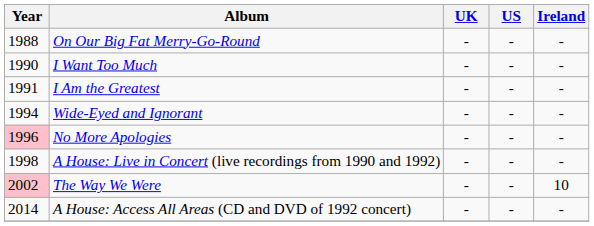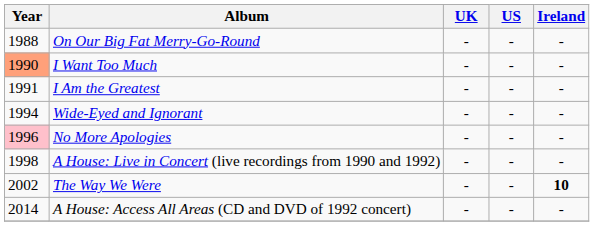 <table class="wikitable">
 <tr>
 <th align="left" valign="top" width="40">Year</th>
 <th align="left" valign="top">Album</th>
 <th align="center" valign="top" width="40"><a href='#'>UK</a></th>
 <th align="center" valign="top" width="40"><a href='#'>US</a></th>
 <th align="center" valign="top" width="40"><a href='#'>Ireland</a></th>
 </tr>
 <tr>
 <td align="left" valign="top">1988</td>
 <td align="left" valign="top"><em><a href='#'>On Our Big Fat Merry-Go-Round</a></em></td>
 <td align="center" valign="top">-</td>
 <td align="center" valign="top">-</td>
 <td align="center" valign="top">-</td>
 </tr>
 <tr>
-<td align="left" valign="top">1990</td>
+<td align="left" valign="top" style="background: lightsalmon;">1990</td>
 <td align="left" valign="top"><em><a href='#'>I Want Too Much</a></em></td>
 <td align="center" valign="top">-</td>
 <td align="center" valign="top">-</td>
 <td align="center" valign="top">-</td>
 </tr>
 <tr>
 <td align="left" valign="top">1991</td>
 <td align="left" valign="top"><em><a href='#'>I Am the Greatest</a></em></td>
 <td align="center" valign="top">-</td>
 <td align="center" valign="top">-</td>
 <td align="center" valign="top">-</td>
 </tr>
 <tr>
 <td align="left" valign="top">1994</td>
 <td align="left" valign="top"><em><a href='#'>Wide-Eyed and Ignorant</a></em></td>
 <td align="center" valign="top">-</td>
 <td align="center" valign="top">-</td>
 <td align="center" valign="top">-</td>
 </tr>
 <tr>
 <td align="left" valign="top" style="background: pink;">1996</td>
 <td align="left" valign="top"><em><a href='#'>No More Apologies</a></em></td>
 <td align="center" valign="top">-</td>
 <td align="center" valign="top">-</td>
 <td align="center" valign="top">-</td>
 </tr>
 <tr>
 <td align="left" valign="top">1998</td>
 <td align="left" valign="top"><em><a href='#'>A House: Live in Concert</a></em> (live recordings from 1990 and 1992)</td>
 <td align="center" valign="top">-</td>
 <td align="center" valign="top">-</td>
 <td align="center" valign="top">-</td>
 </tr>
 <tr>
-<td align="left" valign="top" style="background: pink;">2002</td>
+<td align="left" valign="top">2002</td>
 <td align="left" valign="top"><em><a href='#'>The Way We Were</a></em></td>
 <td align="center" valign="top">-</td>
 <td align="center" valign="top">-</td>
-<td align="center" valign="top">10</td>
+<td align="center" valign="top"><strong>10</strong></td>
 </tr>
 <tr>
 <td align="left" valign="top">2014</td>
 <td align="left" valign="top"><em>A House: Access All Areas</em> (CD and DVD of 1992 concert)</td>
 <td align="center" valign="top">-</td>
 <td align="center" valign="top">-</td>
 <td align="center" valign="top">-</td>
 </tr>
 <tr>
 </tr>
 </table>
